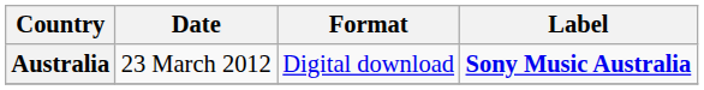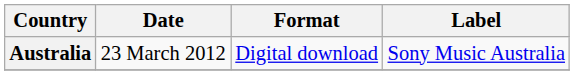 <table class="wikitable plainrowheaders">
 <tr>
 <th scope="col">Country</th>
 <th scope="col">Date</th>
 <th scope="col">Format</th>
 <th scope="col">Label</th>
 </tr>
 <tr>
 <th scope="row">Australia</th>
 <td>23 March 2012</td>
 <td><a href='#'>Digital download</a></td>
-<td><strong><a href='#'>Sony Music Australia</a></strong></td>
+<td><a href='#'>Sony Music Australia</a></td>
 </tr>
 <tr>
 </tr>
 </table>
